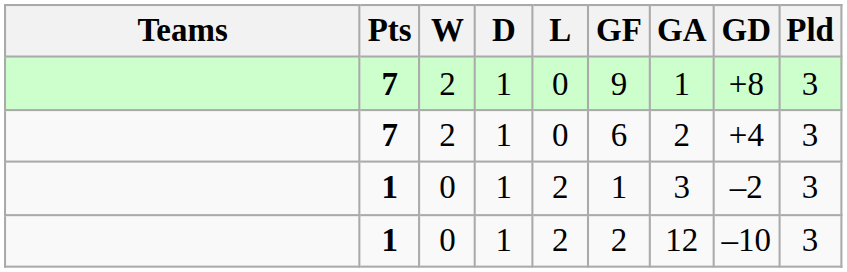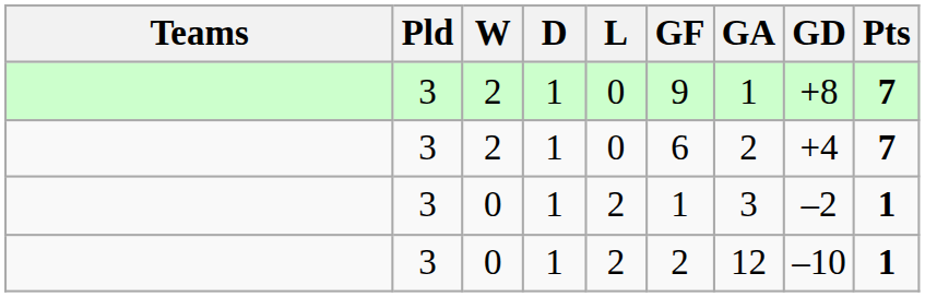 <table class="wikitable" style="text-align: center;">
 <tr>
 <th width=165>Teams</th>
-<th width=20>Pts</th>
+<th width=20>Pld</th>
 <th width=20>W</th>
 <th width=20>D</th>
 <th width=20>L</th>
 <th width=20>GF</th>
 <th width=20>GA</th>
 <th width=20>GD</th>
-<th width=20>Pld</th>
+<th width=20>Pts</th>
 </tr>
 <tr align=center style="background:#ccffcc;">
 <td style="text-align:left;"></td>
-<td><strong>7</strong></td>
+<td>3</td>
 <td>2</td>
 <td>1</td>
 <td>0</td>
 <td>9</td>
 <td>1</td>
 <td>+8</td>
-<td>3</td>
+<td><strong>7</strong></td>
 </tr>
 <tr align=center>
 <td style="text-align:left;"></td>
-<td><strong>7</strong></td>
+<td>3</td>
 <td>2</td>
 <td>1</td>
 <td>0</td>
 <td>6</td>
 <td>2</td>
 <td>+4</td>
-<td>3</td>
+<td><strong>7</strong></td>
 </tr>
 <tr align=center>
 <td style="text-align:left;"></td>
-<td><strong>1</strong></td>
+<td>3</td>
 <td>0</td>
 <td>1</td>
 <td>2</td>
 <td>1</td>
 <td>3</td>
 <td>–2</td>
-<td>3</td>
+<td><strong>1</strong></td>
 </tr>
 <tr align=center>
 <td style="text-align:left;"></td>
-<td><strong>1</strong></td>
+<td>3</td>
 <td>0</td>
 <td>1</td>
 <td>2</td>
 <td>2</td>
 <td>12</td>
 <td>–10</td>
-<td>3</td>
+<td><strong>1</strong></td>
 </tr>
 </table>
